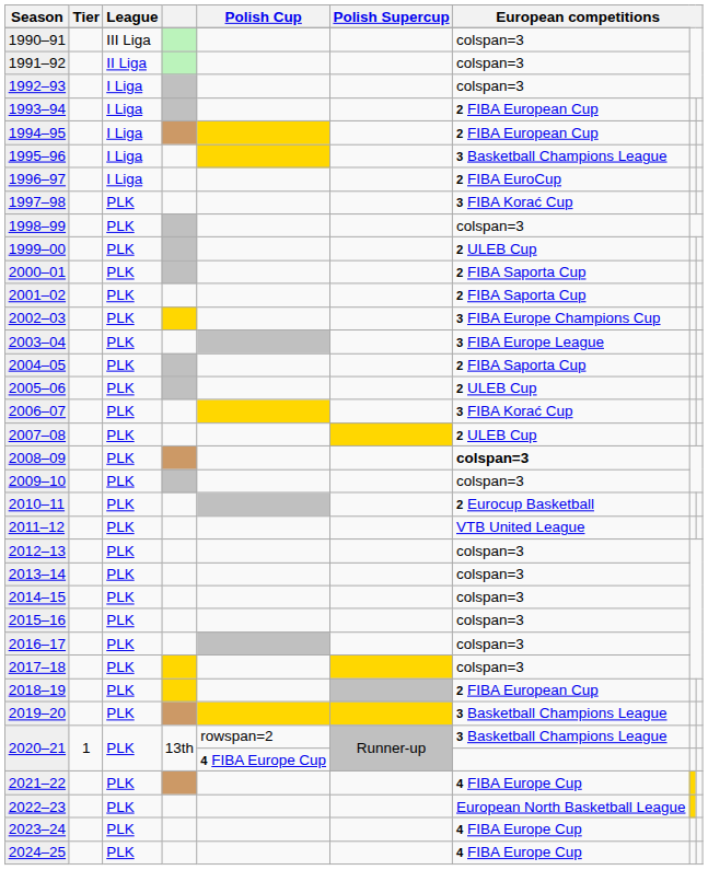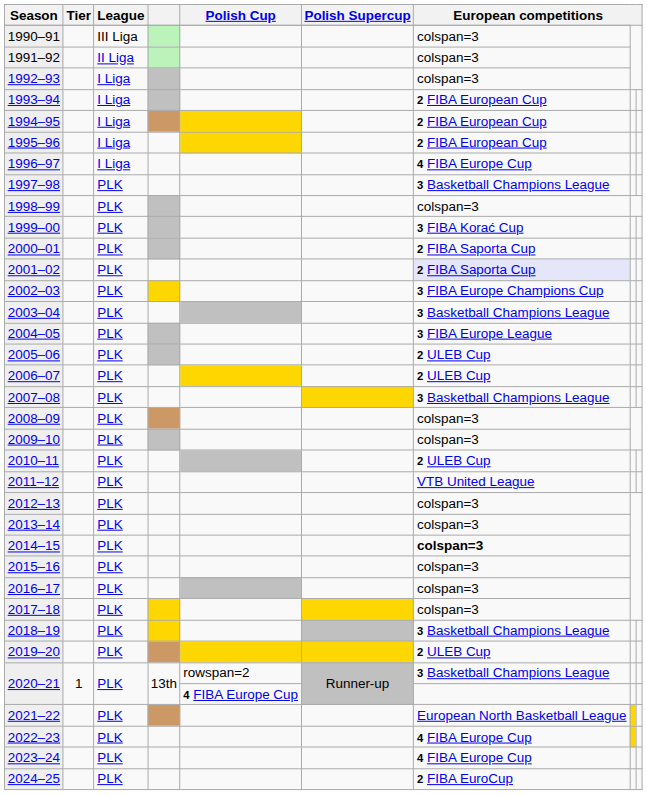 <table class="wikitable" style="font-size:85%;;">
 <tr>
 <th>Season</th>
 <th>Tier</th>
 <th>League</th>
 <th></th>
 <th><a href='#'>Polish Cup</a></th>
 <th><a href='#'>Polish Supercup</a></th>
 <th colspan=3>European competitions</th>
 </tr>
 <tr>
 </tr>
 <tr>
 <td style="background:#efefef;">1990–91</td>
 <td></td>
 <td align=left>III Liga</td>
 <td bgcolor=#BBF3BB></td>
 <td></td>
 <td></td>
 <td>colspan=3 </td>
 </tr>
 <tr>
 <td style="background:#efefef;">1991–92</td>
 <td></td>
 <td align=left><a href='#'>II Liga</a></td>
 <td bgcolor=#BBF3BB></td>
 <td></td>
 <td></td>
 <td>colspan=3 </td>
 </tr>
 <tr>
 <td style="background:#efefef;"><a href='#'>1992–93</a></td>
 <td></td>
 <td align=left><a href='#'>I Liga</a></td>
 <td bgcolor=silver></td>
 <td></td>
 <td></td>
 <td>colspan=3 </td>
 </tr>
 <tr>
 <td style="background:#efefef;"><a href='#'>1993–94</a></td>
 <td></td>
 <td align=left><a href='#'>I Liga</a></td>
 <td bgcolor=silver></td>
 <td></td>
 <td></td>
 <td><small><strong>2</strong></small> <a href='#'>FIBA European Cup</a></td>
 <td></td>
 <td></td>
 </tr>
 <tr>
 <td style="background:#efefef;"><a href='#'>1994–95</a></td>
 <td></td>
 <td align=left><a href='#'>I Liga</a></td>
 <td bgcolor=#cc9966></td>
 <td bgcolor=gold></td>
 <td></td>
 <td><small><strong>2</strong></small> <a href='#'>FIBA European Cup</a></td>
 <td></td>
 <td></td>
 </tr>
 <tr>
 <td style="background:#efefef;"><a href='#'>1995–96</a></td>
 <td></td>
 <td align=left><a href='#'>I Liga</a></td>
 <td></td>
 <td bgcolor=gold></td>
 <td></td>
-<td><small><strong>3</strong></small> <a href='#'>Basketball Champions League</a></td>
+<td><small><strong>2</strong></small> <a href='#'>FIBA European Cup</a></td>
 <td></td>
 <td></td>
 </tr>
 <tr>
 <td style="background:#efefef;"><a href='#'>1996–97</a></td>
 <td></td>
 <td align=left><a href='#'>I Liga</a></td>
 <td></td>
 <td></td>
 <td></td>
-<td><small><strong>2</strong></small> <a href='#'>FIBA EuroCup</a></td>
+<td><small><strong>4</strong></small> <a href='#'>FIBA Europe Cup</a></td>
 <td></td>
 <td></td>
 </tr>
 <tr>
 <td style="background:#efefef;"><a href='#'>1997–98</a></td>
 <td></td>
 <td align=left><a href='#'>PLK</a></td>
 <td></td>
 <td></td>
 <td></td>
-<td><small><strong>3</strong></small> <a href='#'>FIBA Korać Cup</a></td>
+<td><small><strong>3</strong></small> <a href='#'>Basketball Champions League</a></td>
 <td></td>
 <td></td>
 </tr>
 <tr>
 <td style="background:#efefef;"><a href='#'>1998–99</a></td>
 <td></td>
 <td align=left><a href='#'>PLK</a></td>
 <td bgcolor=silver></td>
 <td></td>
 <td></td>
 <td>colspan=3 </td>
 </tr>
 <tr>
 <td style="background:#efefef;"><a href='#'>1999–00</a></td>
 <td></td>
 <td align=left><a href='#'>PLK</a></td>
 <td bgcolor=silver></td>
 <td></td>
 <td></td>
-<td><small><strong>2</strong></small> <a href='#'>ULEB Cup</a></td>
+<td><small><strong>3</strong></small> <a href='#'>FIBA Korać Cup</a></td>
 <td></td>
 <td></td>
 </tr>
 <tr>
 <td style="background:#efefef;"><a href='#'>2000–01</a></td>
 <td></td>
 <td align=left><a href='#'>PLK</a></td>
 <td bgcolor=silver></td>
 <td></td>
 <td></td>
 <td><small><strong>2</strong></small> <a href='#'>FIBA Saporta Cup</a></td>
 <td></td>
 <td></td>
 </tr>
 <tr>
 <td style="background:#efefef;"><a href='#'>2001–02</a></td>
 <td></td>
 <td align=left><a href='#'>PLK</a></td>
 <td></td>
 <td></td>
 <td></td>
-<td><small><strong>2</strong></small> <a href='#'>FIBA Saporta Cup</a></td>
+<td style="background: lavender;"><small><strong>2</strong></small> <a href='#'>FIBA Saporta Cup</a></td>
 <td></td>
 <td></td>
 </tr>
 <tr>
 <td style="background:#efefef;"><a href='#'>2002–03</a></td>
 <td></td>
 <td align=left><a href='#'>PLK</a></td>
 <td bgcolor=gold></td>
 <td></td>
 <td></td>
 <td><small><strong>3</strong></small> <a href='#'>FIBA Europe Champions Cup</a></td>
 <td></td>
 <td></td>
 </tr>
 <tr>
 <td style="background:#efefef;"><a href='#'>2003–04</a></td>
 <td></td>
 <td align=left><a href='#'>PLK</a></td>
 <td></td>
 <td bgcolor=silver></td>
 <td></td>
-<td><small><strong>3</strong></small> <a href='#'>FIBA Europe League</a></td>
+<td><small><strong>3</strong></small> <a href='#'>Basketball Champions League</a></td>
 <td></td>
 <td></td>
 </tr>
 <tr>
 <td style="background:#efefef;"><a href='#'>2004–05</a></td>
 <td></td>
 <td align=left><a href='#'>PLK</a></td>
 <td bgcolor=silver></td>
 <td></td>
 <td></td>
-<td><small><strong>2</strong></small> <a href='#'>FIBA Saporta Cup</a></td>
+<td><small><strong>3</strong></small> <a href='#'>FIBA Europe League</a></td>
 <td></td>
 <td></td>
 </tr>
 <tr>
 <td style="background:#efefef;"><a href='#'>2005–06</a></td>
 <td></td>
 <td align=left><a href='#'>PLK</a></td>
 <td bgcolor=silver></td>
 <td></td>
 <td></td>
 <td><small><strong>2</strong></small> <a href='#'>ULEB Cup</a></td>
 <td></td>
 <td></td>
 </tr>
 <tr>
 <td style="background:#efefef;"><a href='#'>2006–07</a></td>
 <td></td>
 <td align=left><a href='#'>PLK</a></td>
 <td></td>
 <td bgcolor=gold></td>
 <td></td>
-<td><small><strong>3</strong></small> <a href='#'>FIBA Korać Cup</a></td>
+<td><small><strong>2</strong></small> <a href='#'>ULEB Cup</a></td>
 <td></td>
 <td></td>
 </tr>
 <tr>
 <td style="background:#efefef;"><a href='#'>2007–08</a></td>
 <td></td>
 <td align=left><a href='#'>PLK</a></td>
 <td></td>
 <td></td>
 <td bgcolor=gold></td>
-<td><small><strong>2</strong></small> <a href='#'>ULEB Cup</a></td>
+<td><small><strong>3</strong></small> <a href='#'>Basketball Champions League</a></td>
 <td></td>
 <td></td>
 </tr>
 <tr>
 <td style="background:#efefef;"><a href='#'>2008–09</a></td>
 <td></td>
 <td align=left><a href='#'>PLK</a></td>
 <td bgcolor=#cc9966></td>
 <td></td>
 <td></td>
-<td><strong>colspan=3 </strong></td>
+<td>colspan=3 </td>
 </tr>
 <tr>
 <td style="background:#efefef;"><a href='#'>2009–10</a></td>
 <td></td>
 <td align=left><a href='#'>PLK</a></td>
 <td bgcolor=silver></td>
 <td></td>
 <td></td>
 <td>colspan=3 </td>
 </tr>
 <tr>
 <td style="background:#efefef;"><a href='#'>2010–11</a></td>
 <td></td>
 <td align=left><a href='#'>PLK</a></td>
 <td></td>
 <td bgcolor=silver></td>
 <td></td>
-<td><small><strong>2</strong></small> <a href='#'>Eurocup Basketball</a></td>
+<td><small><strong>2</strong></small> <a href='#'>ULEB Cup</a></td>
 <td></td>
 <td></td>
 </tr>
 <tr>
 <td style="background:#efefef;"><a href='#'>2011–12</a></td>
 <td></td>
 <td align=left><a href='#'>PLK</a></td>
 <td></td>
 <td></td>
 <td></td>
 <td><small><strong></strong></small> <a href='#'>VTB United League</a></td>
 <td></td>
 <td></td>
 </tr>
 <tr>
 <td style="background:#efefef;"><a href='#'>2012–13</a></td>
 <td></td>
 <td align=left><a href='#'>PLK</a></td>
 <td></td>
 <td></td>
 <td></td>
 <td>colspan=3 </td>
 </tr>
 <tr>
 <td style="background:#efefef;"><a href='#'>2013–14</a></td>
 <td></td>
 <td align=left><a href='#'>PLK</a></td>
 <td></td>
 <td></td>
 <td></td>
 <td>colspan=3 </td>
 </tr>
 <tr>
 <td style="background:#efefef;"><a href='#'>2014–15</a></td>
 <td></td>
 <td align=left><a href='#'>PLK</a></td>
 <td></td>
 <td></td>
 <td></td>
-<td>colspan=3 </td>
+<td><strong>colspan=3 </strong></td>
 </tr>
 <tr>
 <td style="background:#efefef;"><a href='#'>2015–16</a></td>
 <td></td>
 <td align=left><a href='#'>PLK</a></td>
 <td></td>
 <td></td>
 <td></td>
 <td>colspan=3 </td>
 </tr>
 <tr>
 <td style="background:#efefef;"><a href='#'>2016–17</a></td>
 <td></td>
 <td align=left><a href='#'>PLK</a></td>
 <td></td>
 <td bgcolor=silver></td>
 <td></td>
 <td>colspan=3 </td>
 </tr>
 <tr>
 <td style="background:#efefef;"><a href='#'>2017–18</a></td>
 <td></td>
 <td align=left><a href='#'>PLK</a></td>
 <td bgcolor=gold></td>
 <td></td>
 <td bgcolor=gold></td>
 <td>colspan=3 </td>
 </tr>
 <tr>
 <td style="background:#efefef;"><a href='#'>2018–19</a></td>
 <td></td>
 <td align=left><a href='#'>PLK</a></td>
 <td bgcolor=gold></td>
 <td></td>
 <td bgcolor=silver></td>
-<td><small><strong>2</strong></small> <a href='#'>FIBA European Cup</a></td>
+<td><small><strong>3</strong></small> <a href='#'>Basketball Champions League</a></td>
 <td></td>
 <td></td>
 </tr>
 <tr>
 <td style="background:#efefef;"><a href='#'>2019–20</a></td>
 <td></td>
 <td align=left><a href='#'>PLK</a></td>
 <td bgcolor=#cc9966></td>
 <td bgcolor=gold></td>
 <td bgcolor=gold></td>
-<td><small><strong>3</strong></small> <a href='#'>Basketball Champions League</a></td>
+<td><small><strong>2</strong></small> <a href='#'>ULEB Cup</a></td>
 <td></td>
 <td></td>
 </tr>
 <tr>
 <td rowspan=2 style="background:#efefef;"><a href='#'>2020–21</a></td>
 <td rowspan=2 style="text-align:center;">1</td>
 <td rowspan=2><a href='#'>PLK</a></td>
 <td rowspan=2 style="text-align:center;">13th</td>
 <td>rowspan=2 </td>
 <td rowspan=2 style="background:#C0C0C0" align="center">Runner-up</td>
 <td><small><strong>3</strong></small> <a href='#'>Basketball Champions League</a></td>
 <td></td>
 <td></td>
 </tr>
 <tr>
 <td><small><strong>4</strong></small> <a href='#'>FIBA Europe Cup</a></td>
 <td></td>
 <td></td>
 </tr>
 <tr>
 <td style="background:#efefef;"><a href='#'>2021–22</a></td>
 <td></td>
 <td align=left><a href='#'>PLK</a></td>
 <td bgcolor=#cc9966></td>
 <td bgcolor=></td>
 <td></td>
-<td><small><strong>4</strong></small> <a href='#'>FIBA Europe Cup</a></td>
+<td><small><strong></strong></small> <a href='#'>European North Basketball League</a></td>
 <td bgcolor=gold align=center></td>
 <td></td>
 </tr>
 <tr>
 <td style="background:#efefef;"><a href='#'>2022–23</a></td>
 <td></td>
 <td align=left><a href='#'>PLK</a></td>
 <td></td>
 <td bgcolor=></td>
 <td></td>
-<td><small><strong></strong></small> <a href='#'>European North Basketball League</a></td>
+<td><small><strong>4</strong></small> <a href='#'>FIBA Europe Cup</a></td>
 <td bgcolor=gold align=center></td>
 <td></td>
 </tr>
 <tr>
 <td style="background:#efefef;"><a href='#'>2023–24</a></td>
 <td></td>
 <td align=left><a href='#'>PLK</a></td>
 <td></td>
 <td bgcolor=></td>
 <td></td>
 <td><small><strong>4</strong></small> <a href='#'>FIBA Europe Cup</a></td>
 <td></td>
 <td></td>
 </tr>
 <tr>
 <td style="background:#efefef;"><a href='#'>2024–25</a></td>
 <td></td>
 <td align=left><a href='#'>PLK</a></td>
 <td></td>
 <td bgcolor=></td>
 <td></td>
-<td><small><strong>4</strong></small> <a href='#'>FIBA Europe Cup</a></td>
+<td><small><strong>2</strong></small> <a href='#'>FIBA EuroCup</a></td>
 <td></td>
 <td></td>
 </tr>
 </table>
